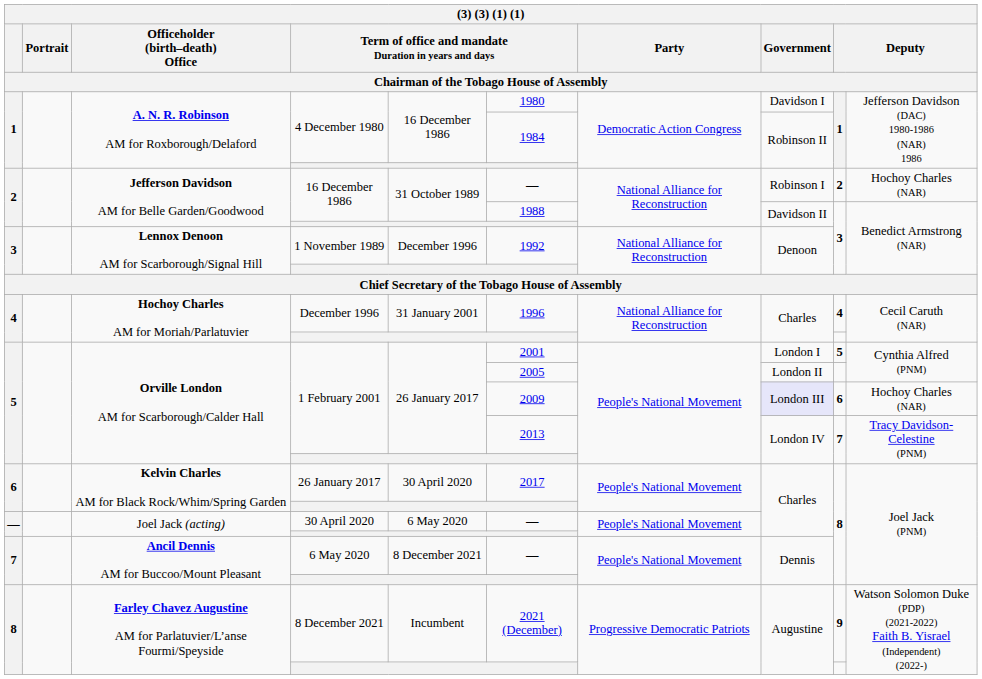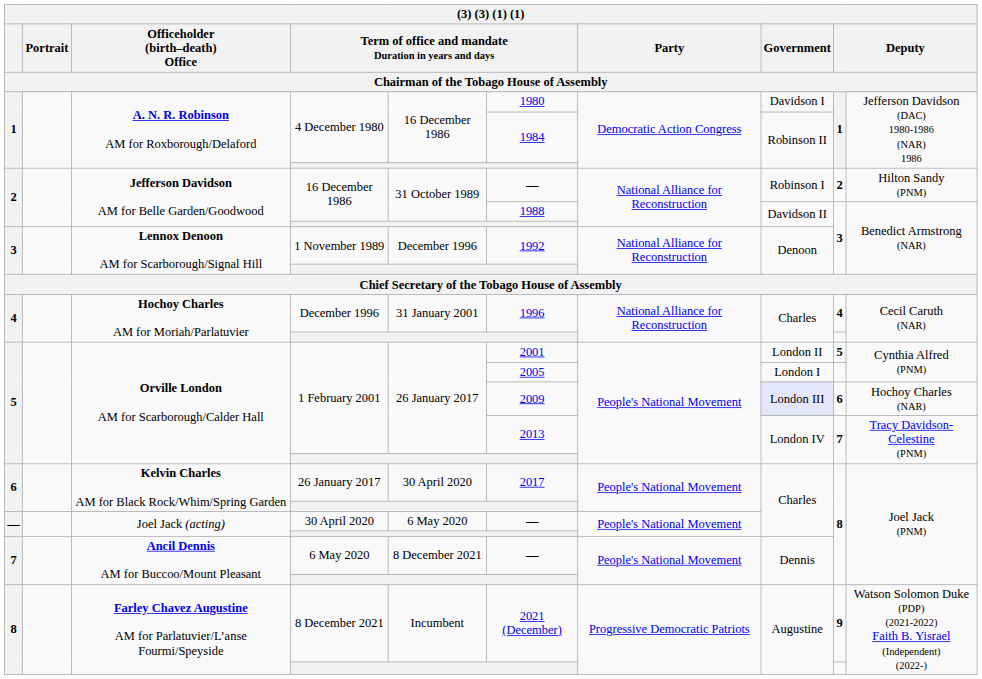 <table class="wikitable" style="text-align:center;">
 <tr>
 <th colspan="10"> (3) (3) (1) (1)</th>
 </tr>
 <tr>
 <th></th>
 <th>Portrait</th>
 <th>Officeholder<br>(birth–death)<br>Office</th>
 <th colspan="3">Term of office and mandate<br><small>Duration in years and days</small></th>
 <th>Party</th>
 <th>Government</th>
 <th colspan="2">Deputy</th>
 </tr>
 <tr>
 <th colspan="10">Chairman of the Tobago House of Assembly</th>
 </tr>
 <tr>
 <th rowspan="3" style="background:">1</th>
 <td rowspan="3"></td>
 <td rowspan="3"><strong><a href='#'>A. N. R. Robinson</a></strong><br><br>AM for Roxborough/Delaford</td>
 <td rowspan="2">4 December 1980</td>
 <td rowspan="2">16 December 1986</td>
 <td><a href='#'>1980</a></td>
 <td rowspan="3" ><a href='#'>Democratic Action Congress</a></td>
 <td>Davidson I</td>
 <th rowspan="3" style="background:">1</th>
 <td rowspan="3">Jefferson Davidson<br><small>(DAC)</small><br><small>1980-1986</small><br><small>(NAR)</small><br><small>1986</small></td>
 </tr>
 <tr>
 <td><a href='#'>1984</a></td>
 <td rowspan="2" >Robinson II</td>
 </tr>
 <tr>
 <th colspan="3" style="font-size:90%; font-weight:normal"></th>
 </tr>
 <tr>
 <th rowspan="3" style="background:">2</th>
 <td rowspan="3"></td>
 <td rowspan="3"><strong>Jefferson Davidson</strong><br><br>AM for Belle Garden/Goodwood</td>
 <td rowspan="2">16 December 1986</td>
 <td rowspan="2">31 October 1989</td>
 <td><strong>—</strong></td>
 <td rowspan="3" ><a href='#'>National Alliance for Reconstruction</a></td>
 <td>Robinson I</td>
 <td style="background:"><strong>2</strong></td>
-<td>Hochoy Charles<br><small>(NAR)</small></td>
+<td>Hilton Sandy<br><small>(PNM)</small></td>
 </tr>
 <tr>
 <td><a href='#'>1988</a></td>
 <td rowspan="2" >Davidson II</td>
 <td rowspan="4" style="background:"><strong>3</strong></td>
 <td rowspan="4">Benedict Armstrong<br><small>(NAR)</small></td>
 </tr>
 <tr>
 <th colspan="3" style="font-size:90%; font-weight:normal"></th>
 </tr>
 <tr>
 <th rowspan="2" style="background:">3</th>
 <td rowspan="2"></td>
 <td rowspan="2"><strong>Lennox Denoon</strong><br><br>AM for Scarborough/Signal Hill</td>
 <td>1 November 1989</td>
 <td>December 1996</td>
 <td><a href='#'>1992</a></td>
 <td rowspan="2" ><a href='#'>National Alliance for Reconstruction</a></td>
 <td rowspan="2" >Denoon</td>
 </tr>
 <tr>
 <th colspan="3" style="font-size:90%; font-weight:normal"></th>
 </tr>
 <tr>
 <th colspan="10">Chief Secretary of the Tobago House of Assembly</th>
 </tr>
 <tr>
 <th rowspan="2" style="background:">4</th>
 <td rowspan="2"></td>
 <td rowspan="2"><strong>Hochoy Charles</strong><br><br>AM for Moriah/Parlatuvier</td>
 <td>December 1996</td>
 <td>31 January 2001</td>
 <td><a href='#'>1996</a></td>
 <td rowspan="2" ><a href='#'>National Alliance for Reconstruction</a></td>
 <td rowspan="2" >Charles</td>
 <td style="background:"><strong>4</strong></td>
 <td rowspan="2">Cecil Caruth<br><small>(NAR)</small></td>
 </tr>
 <tr>
 <th colspan="3" style="font-size:90%; font-weight:normal"></th>
 </tr>
 <tr>
 <th rowspan="5" style="background:">5</th>
 <td rowspan="5"></td>
 <td rowspan="5"><strong>Orville London</strong><br><br>AM for Scarborough/Calder Hall</td>
 <td rowspan="4">1 February 2001</td>
 <td rowspan="4">26 January 2017</td>
 <td><a href='#'>2001</a></td>
 <td rowspan="5" ><a href='#'>People's National Movement</a></td>
-<td>London I</td>
+<td>London II</td>
 <td style="background:"><strong>5</strong></td>
 <td rowspan="2">Cynthia Alfred<br><small>(PNM)</small></td>
 </tr>
 <tr>
 <td><a href='#'>2005</a></td>
-<td>London II</td>
+<td>London I</td>
 </tr>
 <tr>
 <td><a href='#'>2009</a></td>
 <td style="background: lavender;">London III</td>
 <td style="background:"><strong>6</strong></td>
 <td>Hochoy Charles<br><small>(NAR)</small></td>
 </tr>
 <tr>
 <td><a href='#'>2013</a></td>
 <td rowspan="2" >London IV</td>
 <td rowspan="2" style="background:"><strong>7</strong></td>
 <td rowspan="2"><a href='#'>Tracy Davidson-Celestine</a><br><small>(PNM)</small></td>
 </tr>
 <tr>
 <th colspan="3" style="font-size:90%; font-weight:normal"></th>
 </tr>
 <tr>
 <th rowspan="2" style="background:">6</th>
 <td rowspan="2"></td>
 <td rowspan="2"><strong>Kelvin Charles</strong><br><br>AM for Black Rock/Whim/Spring Garden</td>
 <td>26 January 2017</td>
 <td>30 April 2020</td>
 <td><a href='#'>2017</a></td>
 <td rowspan="2" ><a href='#'>People's National Movement</a></td>
 <td rowspan="4" >Charles</td>
 <td rowspan="6" style="background:"><strong>8</strong></td>
 <td rowspan="6">Joel Jack<br><small>(PNM)</small></td>
 </tr>
 <tr>
 <th colspan="3" style="font-size:90%; font-weight:normal"></th>
 </tr>
 <tr>
 <th rowspan="2" style="background:"><strong>—</strong></th>
 <td rowspan="2"></td>
 <td rowspan="2">Joel Jack <em>(acting)</em></td>
 <td>30 April 2020</td>
 <td>6 May 2020</td>
 <td><strong>—</strong></td>
 <td rowspan="2" ><a href='#'>People's National Movement</a></td>
 </tr>
 <tr>
 <th colspan="3" style="font-size:90%; font-weight:normal"></th>
 </tr>
 <tr>
 <th rowspan="2" style="background:">7</th>
 <td rowspan="2"></td>
 <td rowspan="2"><strong><a href='#'>Ancil Dennis</a></strong><br><br>AM for Buccoo/Mount Pleasant</td>
 <td>6 May 2020</td>
 <td>8 December 2021</td>
 <td><strong>—</strong></td>
 <td rowspan="2" ><a href='#'>People's National Movement</a></td>
 <td rowspan="2" >Dennis</td>
 </tr>
 <tr>
 <th colspan="3" style="font-size:90%; font-weight:normal"></th>
 </tr>
 <tr>
 <th rowspan="2" style="background:">8</th>
 <td rowspan="3"></td>
 <td rowspan="3"><strong><a href='#'>Farley Chavez Augustine</a></strong><br><br>AM for Parlatuvier/L’anse Fourmi/Speyside</td>
 <td>8 December 2021</td>
 <td>Incumbent</td>
 <td><a href='#'>2021 (December)</a></td>
 <td rowspan="2" ><a href='#'>Progressive Democratic Patriots</a></td>
 <td rowspan="2" >Augustine</td>
 <td style="background:"><strong>9</strong></td>
 <td rowspan="3">Watson Solomon Duke<br><small>(PDP)</small><br><small>(2021-2022)</small><br><a href='#'>Faith B. Yisrael</a><br><small>(Independent)</small><br><small>(2022-)</small></td>
 </tr>
 <tr>
 <th colspan="3" style="font-size:90%; font-weight:normal"></th>
 </tr>
 </table>
